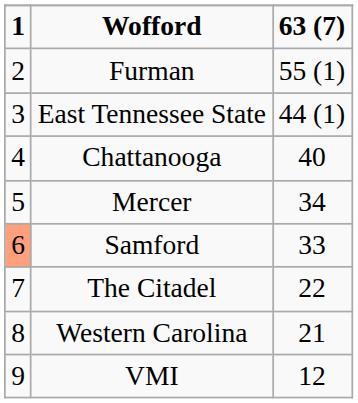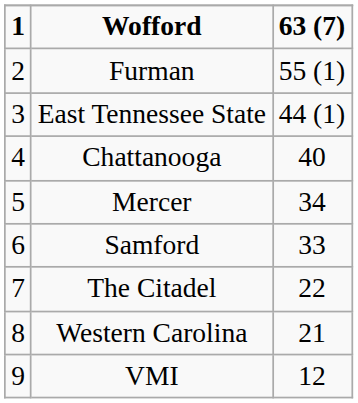 <table class="wikitable" style="display: inline-table;">
 <tr align="center">
 </tr>
 <tr align="center">
 <td><strong>1</strong></td>
 <td><strong>Wofford</strong></td>
 <td><strong>63 (7)</strong></td>
 </tr>
 <tr align="center">
 <td>2</td>
 <td>Furman</td>
 <td>55 (1)</td>
 </tr>
 <tr align="center">
 <td>3</td>
 <td>East Tennessee State</td>
 <td>44 (1)</td>
 </tr>
 <tr align="center">
 <td>4</td>
 <td>Chattanooga</td>
 <td>40</td>
 </tr>
 <tr align="center">
 <td>5</td>
 <td>Mercer</td>
 <td>34</td>
 </tr>
 <tr align="center">
-<td style="background: lightsalmon;">6</td>
+<td>6</td>
 <td>Samford</td>
 <td>33</td>
 </tr>
 <tr align="center">
 <td>7</td>
 <td>The Citadel</td>
 <td>22</td>
 </tr>
 <tr align="center">
 <td>8</td>
 <td>Western Carolina</td>
 <td>21</td>
 </tr>
 <tr align="center">
 <td>9</td>
 <td>VMI</td>
 <td>12</td>
 </tr>
 </table>
